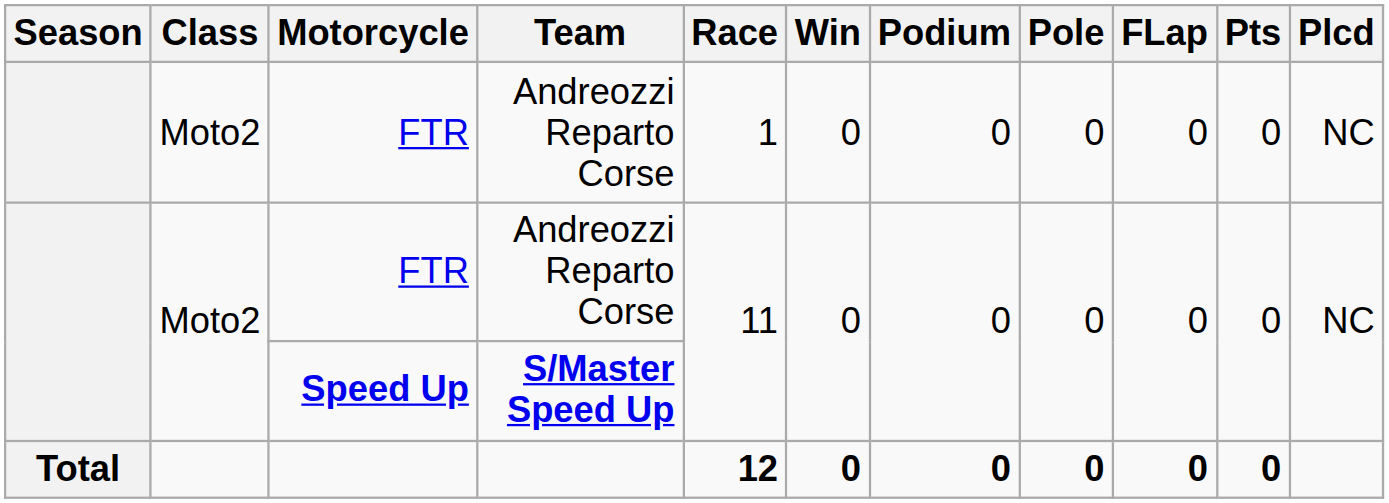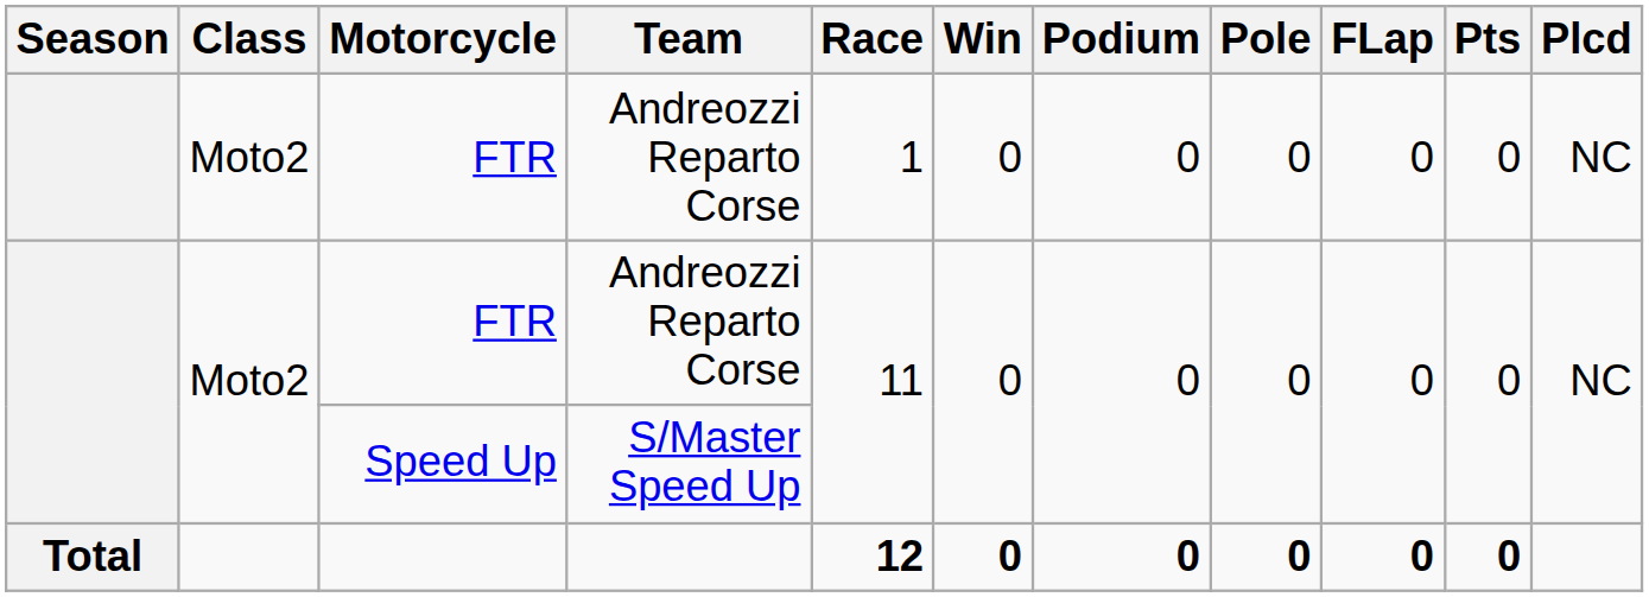 <table class="wikitable" style=text-align:right>
 <tr>
 <th>Season</th>
 <th>Class</th>
 <th>Motorcycle</th>
 <th>Team</th>
 <th>Race</th>
 <th>Win</th>
 <th>Podium</th>
 <th>Pole</th>
 <th>FLap</th>
 <th>Pts</th>
 <th>Plcd</th>
 </tr>
 <tr>
 <th></th>
 <td>Moto2</td>
 <td><a href='#'>FTR</a></td>
 <td>Andreozzi Reparto Corse</td>
 <td>1</td>
 <td>0</td>
 <td>0</td>
 <td>0</td>
 <td>0</td>
 <td>0</td>
 <td>NC</td>
 </tr>
 <tr>
 <th rowspan=2></th>
 <td rowspan=2>Moto2</td>
 <td><a href='#'>FTR</a></td>
 <td>Andreozzi Reparto Corse</td>
 <td rowspan=2>11</td>
 <td rowspan=2>0</td>
 <td rowspan=2>0</td>
 <td rowspan=2>0</td>
 <td rowspan=2>0</td>
 <td rowspan=2>0</td>
 <td rowspan=2>NC</td>
 </tr>
 <tr>
-<td><strong><a href='#'>Speed Up</a></strong></td>
-<td><strong><a href='#'>S/Master Speed Up</a></strong></td>
+<td><a href='#'>Speed Up</a></td>
+<td><a href='#'>S/Master Speed Up</a></td>
 </tr>
 <tr>
 <th>Total</th>
 <td></td>
 <td></td>
 <td></td>
 <td><strong>12</strong></td>
 <td><strong>0</strong></td>
 <td><strong>0</strong></td>
 <td><strong>0</strong></td>
 <td><strong>0</strong></td>
 <td><strong>0</strong></td>
 <td></td>
 </tr>
 </table>
